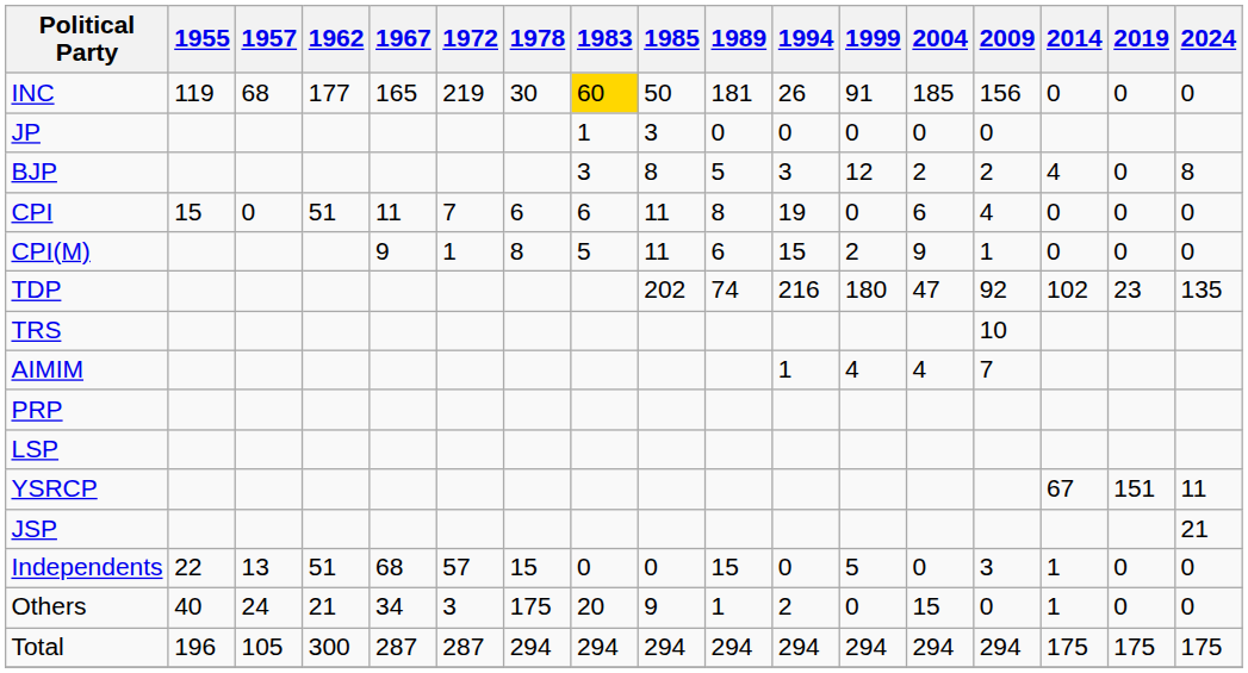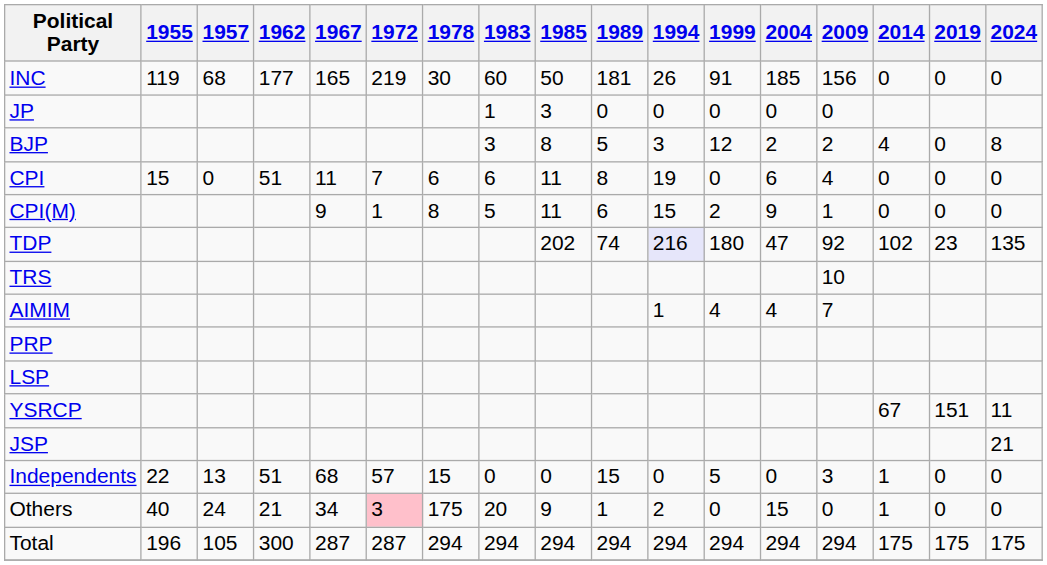 <table class="wikitable">
 <tr>
 <th>Political Party</th>
 <th><a href='#'>1955</a></th>
 <th><a href='#'>1957</a></th>
 <th><a href='#'>1962</a></th>
 <th><a href='#'>1967</a></th>
 <th><a href='#'>1972</a></th>
 <th><a href='#'>1978</a></th>
 <th><a href='#'>1983</a></th>
 <th><a href='#'>1985</a></th>
 <th><a href='#'>1989</a></th>
 <th><a href='#'>1994</a></th>
 <th><a href='#'>1999</a></th>
 <th><a href='#'>2004</a></th>
 <th><a href='#'>2009</a></th>
 <th><a href='#'>2014</a></th>
 <th><a href='#'>2019</a></th>
 <th><a href='#'>2024</a></th>
 </tr>
 <tr>
 <td><a href='#'>INC</a></td>
 <td>119</td>
 <td>68</td>
 <td>177</td>
 <td>165</td>
 <td>219</td>
 <td>30</td>
-<td style="background: gold;">60</td>
+<td>60</td>
 <td>50</td>
 <td>181</td>
 <td>26</td>
 <td>91</td>
 <td>185</td>
 <td>156</td>
 <td>0</td>
 <td>0</td>
 <td>0</td>
 </tr>
 <tr>
 <td><a href='#'>JP</a></td>
 <td></td>
 <td></td>
 <td></td>
 <td></td>
 <td></td>
 <td></td>
 <td>1</td>
 <td>3</td>
 <td>0</td>
 <td>0</td>
 <td>0</td>
 <td>0</td>
 <td>0</td>
 <td></td>
 <td></td>
 <td></td>
 </tr>
 <tr>
 <td><a href='#'>BJP</a></td>
 <td></td>
 <td></td>
 <td></td>
 <td></td>
 <td></td>
 <td></td>
 <td>3</td>
 <td>8</td>
 <td>5</td>
 <td>3</td>
 <td>12</td>
 <td>2</td>
 <td>2</td>
 <td>4</td>
 <td>0</td>
 <td>8</td>
 </tr>
 <tr>
 <td><a href='#'>CPI</a></td>
 <td>15</td>
 <td>0</td>
 <td>51</td>
 <td>11</td>
 <td>7</td>
 <td>6</td>
 <td>6</td>
 <td>11</td>
 <td>8</td>
 <td>19</td>
 <td>0</td>
 <td>6</td>
 <td>4</td>
 <td>0</td>
 <td>0</td>
 <td>0</td>
 </tr>
 <tr>
 <td><a href='#'>CPI(M)</a></td>
 <td></td>
 <td></td>
 <td></td>
 <td>9</td>
 <td>1</td>
 <td>8</td>
 <td>5</td>
 <td>11</td>
 <td>6</td>
 <td>15</td>
 <td>2</td>
 <td>9</td>
 <td>1</td>
 <td>0</td>
 <td>0</td>
 <td>0</td>
 </tr>
 <tr>
 <td><a href='#'>TDP</a></td>
 <td></td>
 <td></td>
 <td></td>
 <td></td>
 <td></td>
 <td></td>
 <td></td>
 <td>202</td>
 <td>74</td>
-<td>216</td>
+<td style="background: lavender;">216</td>
 <td>180</td>
 <td>47</td>
 <td>92</td>
 <td>102</td>
 <td>23</td>
 <td>135</td>
 </tr>
 <tr>
 <td><a href='#'>TRS</a></td>
 <td></td>
 <td></td>
 <td></td>
 <td></td>
 <td></td>
 <td></td>
 <td></td>
 <td></td>
 <td></td>
 <td></td>
 <td></td>
 <td></td>
 <td>10</td>
 <td></td>
 <td></td>
 <td></td>
 </tr>
 <tr>
 <td><a href='#'>AIMIM</a></td>
 <td></td>
 <td></td>
 <td></td>
 <td></td>
 <td></td>
 <td></td>
 <td></td>
 <td></td>
 <td></td>
 <td>1</td>
 <td>4</td>
 <td>4</td>
 <td>7</td>
 <td></td>
 <td></td>
 <td></td>
 </tr>
 <tr>
 <td><a href='#'>PRP</a></td>
 <td></td>
 <td></td>
 <td></td>
 <td></td>
 <td></td>
 <td></td>
 <td></td>
 <td></td>
 <td></td>
 <td></td>
 <td></td>
 <td></td>
 <td></td>
 <td></td>
 <td></td>
 <td></td>
 </tr>
 <tr>
 <td><a href='#'>LSP</a></td>
 <td></td>
 <td></td>
 <td></td>
 <td></td>
 <td></td>
 <td></td>
 <td></td>
 <td></td>
 <td></td>
 <td></td>
 <td></td>
 <td></td>
 <td></td>
 <td> </td>
 <td></td>
 <td></td>
 </tr>
 <tr>
 <td><a href='#'>YSRCP</a></td>
 <td></td>
 <td></td>
 <td></td>
 <td></td>
 <td></td>
 <td></td>
 <td></td>
 <td></td>
 <td></td>
 <td></td>
 <td></td>
 <td></td>
 <td></td>
 <td>67 </td>
 <td>151</td>
 <td>11</td>
 </tr>
 <tr>
 <td><a href='#'>JSP</a></td>
 <td></td>
 <td></td>
 <td></td>
 <td></td>
 <td></td>
 <td></td>
 <td></td>
 <td></td>
 <td></td>
 <td></td>
 <td></td>
 <td></td>
 <td></td>
 <td> </td>
 <td></td>
 <td>21</td>
 </tr>
 <tr>
 <td><a href='#'>Independents</a> </td>
 <td>22</td>
 <td>13</td>
 <td>51</td>
 <td>68</td>
 <td>57</td>
 <td>15</td>
 <td>0</td>
 <td>0</td>
 <td>15</td>
 <td>0</td>
 <td>5</td>
 <td>0</td>
 <td>3</td>
 <td>1</td>
 <td>0</td>
 <td>0</td>
 </tr>
 <tr>
 <td>Others</td>
 <td>40</td>
 <td>24</td>
 <td>21</td>
 <td>34</td>
-<td>3</td>
+<td style="background: pink;">3</td>
 <td>175 </td>
 <td>20</td>
 <td>9</td>
 <td>1</td>
 <td>2</td>
 <td>0</td>
 <td>15</td>
 <td>0</td>
 <td>1</td>
 <td>0</td>
 <td>0</td>
 </tr>
 <tr>
 <td>Total</td>
 <td>196</td>
 <td>105</td>
 <td>300</td>
 <td>287</td>
 <td>287</td>
 <td>294</td>
 <td>294</td>
 <td>294</td>
 <td>294</td>
 <td>294</td>
 <td>294</td>
 <td>294</td>
 <td>294</td>
 <td>175</td>
 <td>175</td>
 <td>175</td>
 </tr>
 <tr>
 </tr>
 </table>
